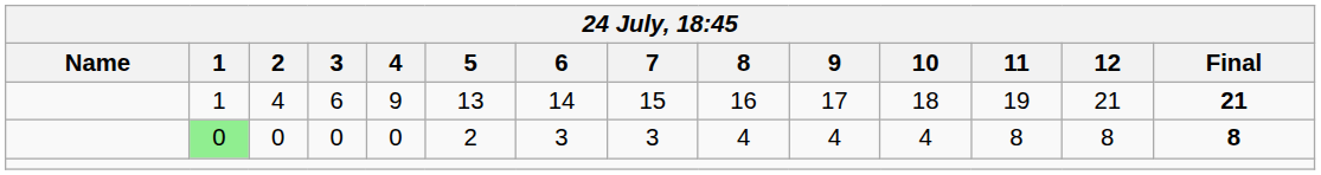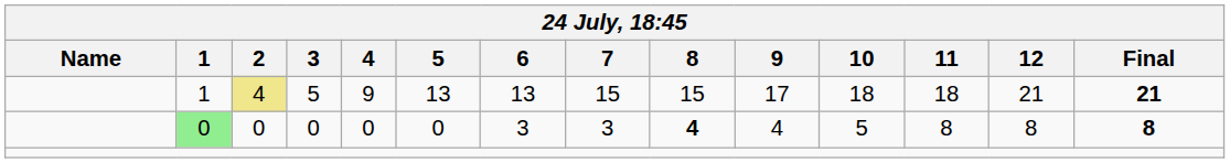 <table class=wikitable style="text-align:center; width: 55%">
 <tr>
 <th colspan=17><em>24 July, 18:45</em></th>
 </tr>
 <tr>
 <th>Name</th>
 <th>1</th>
 <th>2</th>
 <th>3</th>
 <th>4</th>
 <th>5</th>
 <th>6</th>
 <th>7</th>
 <th>8</th>
 <th>9</th>
 <th>10</th>
 <th>11</th>
 <th>12</th>
 <th>Final</th>
 </tr>
 <tr>
 <td align=left><strong></strong></td>
 <td>1</td>
-<td>4</td>
-<td>6</td>
+<td style="background: khaki;">4</td>
+<td>5</td>
 <td>9</td>
 <td>13</td>
-<td>14</td>
+<td>13</td>
 <td>15</td>
-<td>16</td>
+<td>15</td>
 <td>17</td>
 <td>18</td>
-<td>19</td>
+<td>18</td>
 <td>21</td>
 <td><strong>21</strong></td>
 </tr>
 <tr>
 <td align=left></td>
 <td style="background: lightgreen;">0</td>
 <td>0</td>
 <td>0</td>
 <td>0</td>
-<td>2</td>
+<td>0</td>
 <td>3</td>
 <td>3</td>
+<td><strong>4</strong></td>
 <td>4</td>
-<td>4</td>
-<td>4</td>
+<td>5</td>
 <td>8</td>
 <td>8</td>
 <td><strong>8</strong></td>
 </tr>
 <tr>
 <td colspan=17></td>
 </tr>
 </table>
